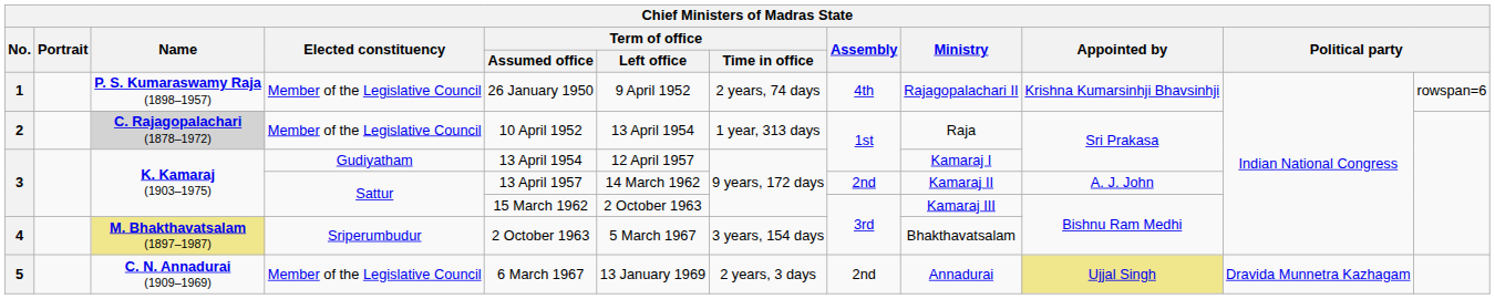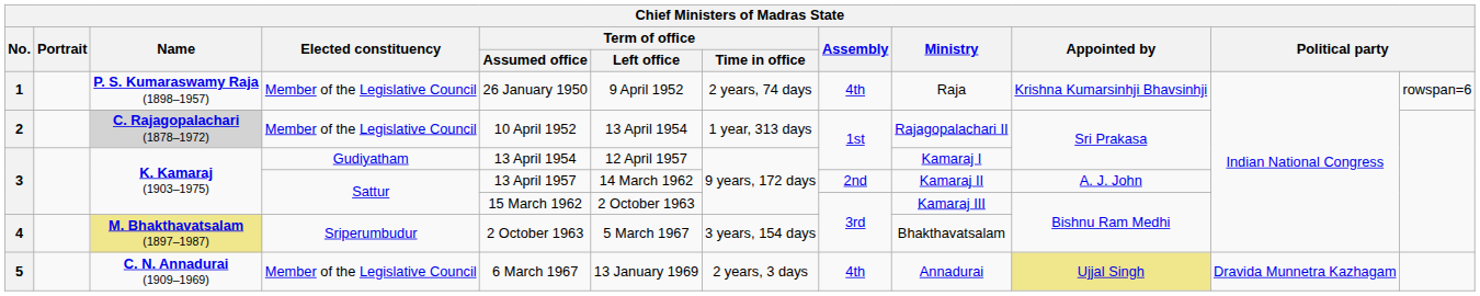 <table class="wikitable sortable" style="text-align:center;">
 <tr>
 <th colspan=12><strong>Chief Ministers of Madras State</strong></th>
 </tr>
 <tr>
 <th rowspan=2>No.</th>
 <th rowspan=2>Portrait</th>
 <th rowspan=2>Name<br><small></small></th>
 <th rowspan=2>Elected constituency</th>
 <th colspan=3>Term of office</th>
 <th rowspan=2><a href='#'>Assembly</a><br></th>
 <th rowspan=2><a href='#'>Ministry</a></th>
 <th rowspan=2>Appointed by</th>
 <th rowspan=2 colspan=2>Political party</th>
 </tr>
 <tr>
 <th>Assumed office</th>
 <th>Left office</th>
 <th>Time in office</th>
 </tr>
 <tr>
 <th>1</th>
 <td></td>
 <td><strong><a href='#'>P. S. Kumaraswamy Raja</a></strong><br><small>(1898–1957)</small></td>
 <td><a href='#'>Member</a> of the <a href='#'>Legislative Council</a></td>
 <td>26 January 1950</td>
 <td>9 April 1952</td>
 <td>2 years, 74 days</td>
 <td><a href='#'>4th</a><br></td>
-<td><a href='#'>Rajagopalachari II</a></td>
+<td>Raja</td>
 <td><a href='#'>Krishna Kumarsinhji Bhavsinhji</a></td>
 <td rowspan=6><a href='#'>Indian National Congress</a></td>
 <td>rowspan=6 </td>
 </tr>
 <tr>
 <th>2</th>
 <td></td>
 <td style="background: lightgrey;"><strong><a href='#'>C. Rajagopalachari</a></strong><br><small>(1878–1972)</small></td>
 <td><a href='#'>Member</a> of the <a href='#'>Legislative Council</a></td>
 <td>10 April 1952</td>
 <td>13 April 1954</td>
 <td>1 year, 313 days</td>
 <td rowspan=2><a href='#'>1st</a><br></td>
-<td>Raja</td>
+<td><a href='#'>Rajagopalachari II</a></td>
 <td rowspan=2><a href='#'>Sri Prakasa</a></td>
 </tr>
 <tr>
 <th rowspan=3>3</th>
 <td rowspan=3></td>
 <td rowspan=3><strong><a href='#'>K. Kamaraj</a></strong><br><small>(1903–1975)</small></td>
 <td><a href='#'>Gudiyatham</a></td>
 <td>13 April 1954</td>
 <td>12 April 1957</td>
 <td rowspan=3>9 years, 172 days</td>
 <td><a href='#'>Kamaraj I</a></td>
 </tr>
 <tr>
 <td rowspan=2><a href='#'>Sattur</a></td>
 <td>13 April 1957</td>
 <td>14 March 1962</td>
 <td><a href='#'>2nd</a><br></td>
 <td><a href='#'>Kamaraj II</a></td>
 <td><a href='#'>A. J. John</a></td>
 </tr>
 <tr>
 <td>15 March 1962</td>
 <td>2 October 1963</td>
 <td rowspan=2><a href='#'>3rd</a><br></td>
 <td><a href='#'>Kamaraj III</a></td>
 <td rowspan=2><a href='#'>Bishnu Ram Medhi</a></td>
 </tr>
 <tr>
 <th>4</th>
 <td></td>
 <td style="background: khaki;"><strong><a href='#'>M. Bhakthavatsalam</a></strong><br><small>(1897–1987)</small></td>
 <td><a href='#'>Sriperumbudur</a></td>
 <td>2 October 1963</td>
 <td>5 March 1967</td>
 <td>3 years, 154 days</td>
 <td>Bhakthavatsalam</td>
 </tr>
 <tr>
 <th>5</th>
 <td></td>
 <td><strong><a href='#'>C. N. Annadurai</a></strong><br><small>(1909–1969)</small></td>
 <td><a href='#'>Member</a> of the <a href='#'>Legislative Council</a></td>
 <td>6 March 1967</td>
 <td>13 January 1969</td>
 <td>2 years, 3 days</td>
-<td>2nd<br></td>
+<td><a href='#'>4th</a><br></td>
 <td><a href='#'>Annadurai</a></td>
 <td style="background: khaki;"><a href='#'>Ujjal Singh</a></td>
 <td><a href='#'>Dravida Munnetra Kazhagam</a></td>
 <td></td>
 </tr>
 </table>
